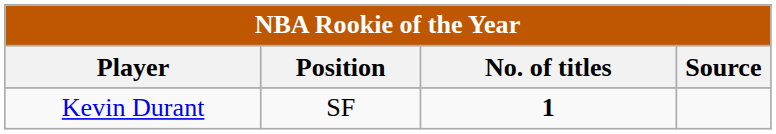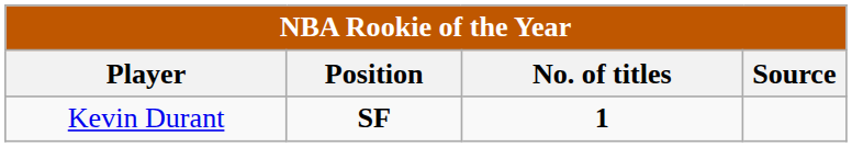 <table class="wikitable" style="text-align:center">
 <tr>
 <td colspan="5" style= "background: #BF5700; color:white"><strong>NBA Rookie of the Year</strong></td>
 </tr>
 <tr>
 <th style="width:150px; ">Player</th>
 <th style="width:90px; ">Position</th>
 <th style="width:150px; ">No. of titles</th>
 <th style="width:50px; ">Source</th>
 </tr>
 <tr>
 <td><a href='#'>Kevin Durant</a></td>
-<td>SF</td>
+<td><strong>SF</strong></td>
 <td><strong>1</strong></td>
 <td></td>
 </tr>
 </table>
